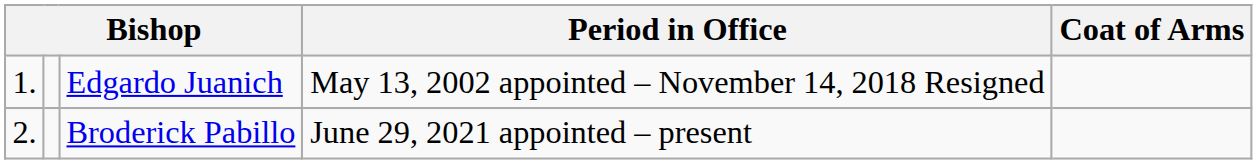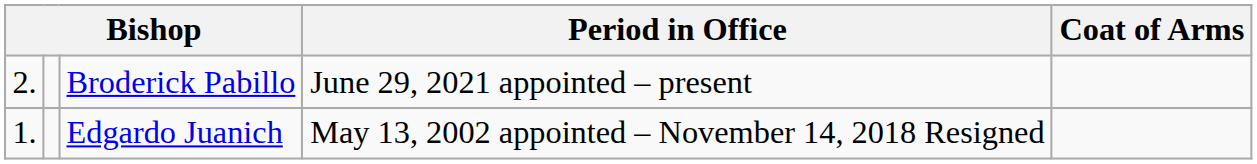 <table class="wikitable">
 <tr>
 <th colspan="3">Bishop</th>
 <th>Period in Office</th>
 <th>Coat of Arms</th>
+</tr>
+<tr>
+<td>2.</td>
+<td></td>
+<td><a href='#'>Broderick Pabillo</a></td>
+<td>June 29, 2021 appointed – present</td>
+<td></td>
 </tr>
 <tr>
 <td>1.</td>
 <td></td>
 <td><a href='#'>Edgardo Juanich</a></td>
 <td>May 13, 2002 appointed – November 14, 2018 Resigned</td>
 <td></td>
 </tr>
-<tr>
-<td>2.</td>
-<td></td>
-<td><a href='#'>Broderick Pabillo</a></td>
-<td>June 29, 2021 appointed – present</td>
-<td></td>
-</tr>
 </table>
